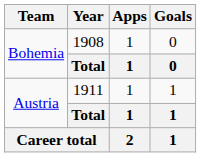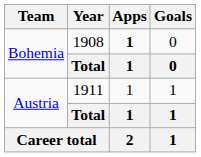 <table class="wikitable" style="text-align:center">
 <tr>
 <th>Team</th>
 <th>Year</th>
 <th>Apps</th>
 <th>Goals</th>
 </tr>
 <tr>
 <td rowspan="2"><a href='#'>Bohemia</a></td>
 <td>1908</td>
-<td>1</td>
+<td><strong>1</strong></td>
 <td>0</td>
 </tr>
 <tr>
 <th>Total</th>
 <th>1</th>
 <th>0</th>
 </tr>
 <tr>
 <td rowspan="2"><a href='#'>Austria</a></td>
 <td>1911</td>
 <td>1</td>
 <td>1</td>
 </tr>
 <tr>
 <th>Total</th>
 <th>1</th>
 <th>1</th>
 </tr>
 <tr>
 <th colspan="2">Career total</th>
 <th>2</th>
 <th>1</th>
 </tr>
 </table>
